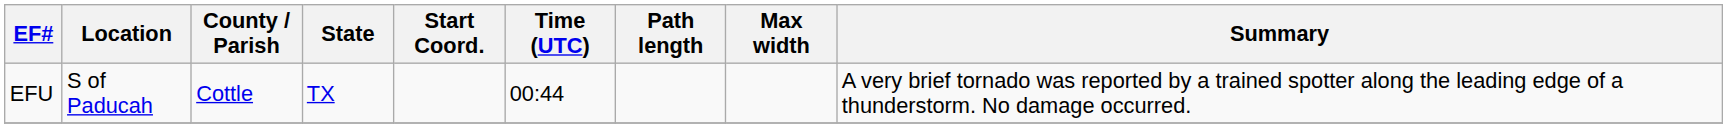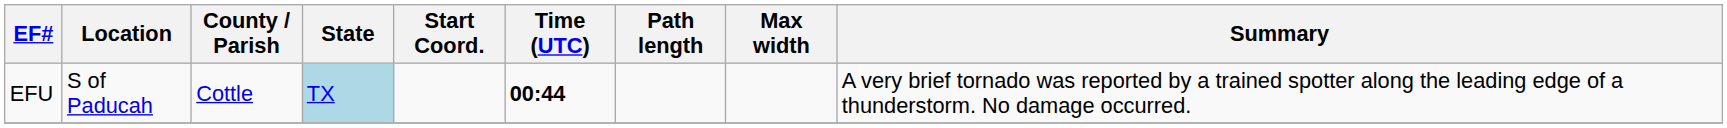 <table class="wikitable sortable" style="width:100%;">
 <tr>
 <th scope="col"  style="width:3%; text-align:center;"><a href='#'>EF#</a></th>
 <th scope="col"  style="width:7%; text-align:center;" class="unsortable">Location</th>
 <th scope="col"  style="width:6%; text-align:center;" class="unsortable">County / Parish</th>
 <th scope="col"  style="width:5%; text-align:center;">State</th>
 <th scope="col"  style="width:6%; text-align:center;">Start Coord.</th>
 <th scope="col"  style="width:6%; text-align:center;">Time (<a href='#'>UTC</a>)</th>
 <th scope="col"  style="width:6%; text-align:center;">Path length</th>
 <th scope="col"  style="width:6%; text-align:center;">Max width</th>
 <th scope="col" class="unsortable" style="width:48%; text-align:center;">Summary</th>
 </tr>
 <tr>
 <td>EFU</td>
 <td>S of <a href='#'>Paducah</a></td>
 <td><a href='#'>Cottle</a></td>
-<td><a href='#'>TX</a></td>
+<td style="background: lightblue;"><a href='#'>TX</a></td>
 <td></td>
-<td>00:44</td>
+<td><strong>00:44</strong></td>
 <td></td>
 <td></td>
 <td>A very brief tornado was reported by a trained spotter along the leading edge of a thunderstorm. No damage occurred.</td>
 </tr>
 <tr>
 </tr>
 </table>
